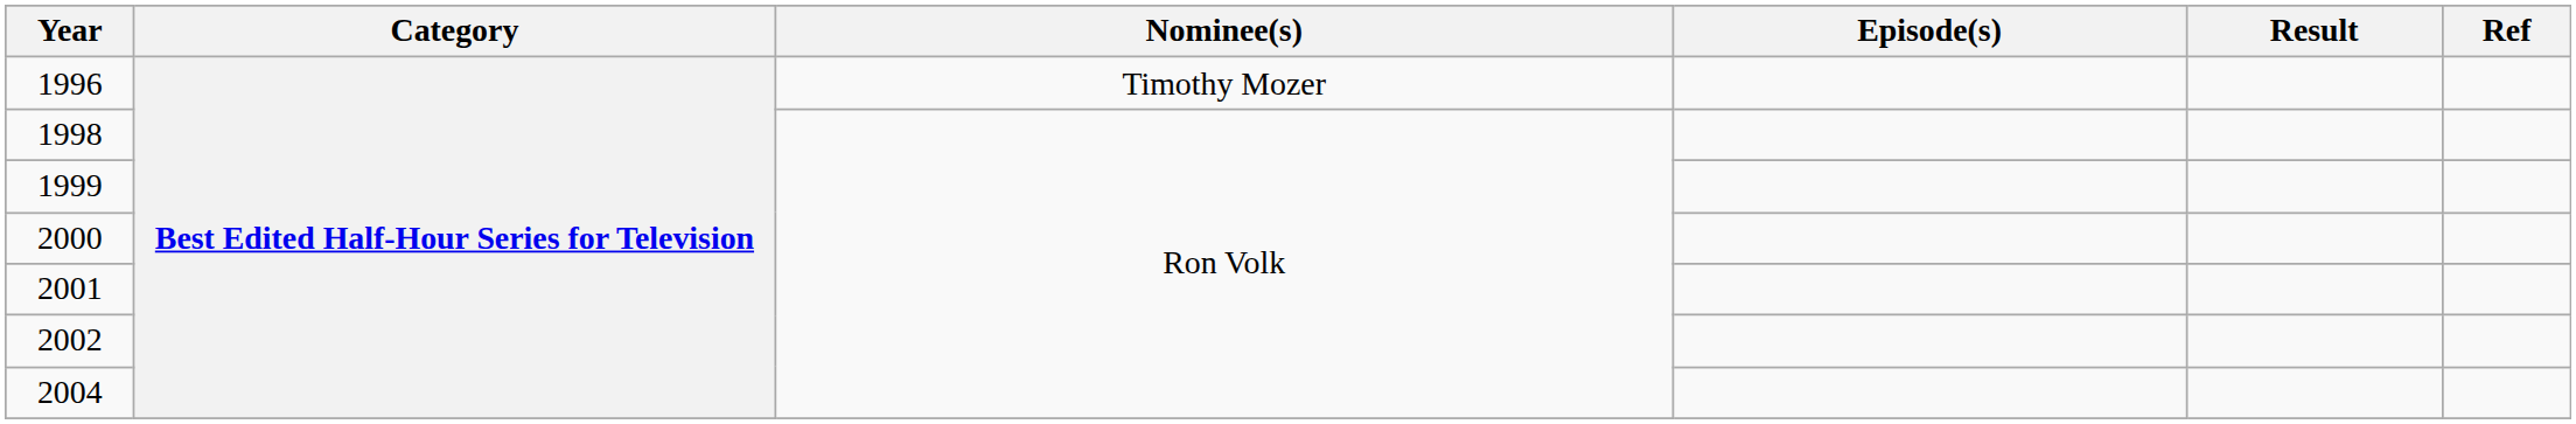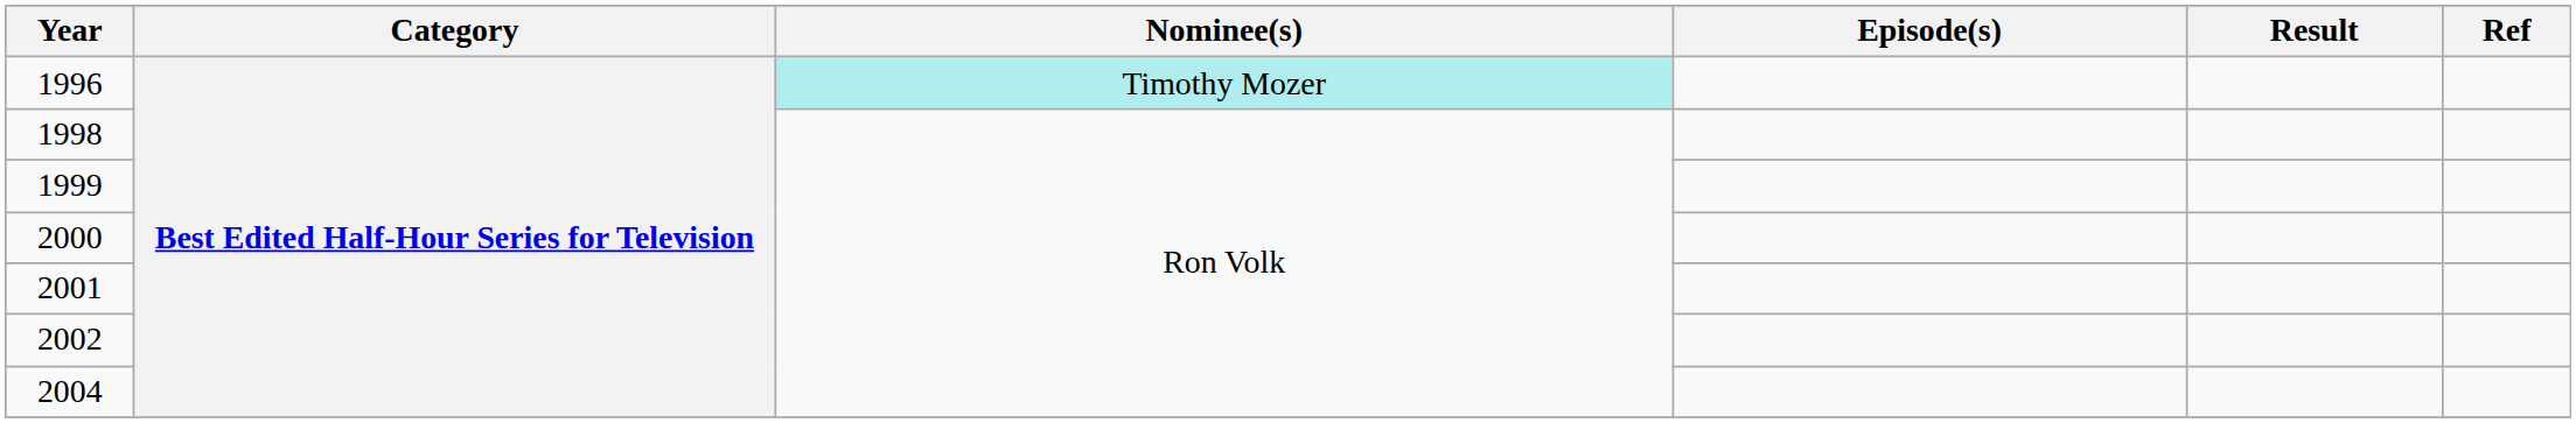 <table class="wikitable plainrowheaders" style="font-size: 100%; text-align:center" width=100%>
 <tr>
 <th scope="col" width="5%">Year</th>
 <th scope="col" width="25%">Category</th>
 <th scope="col" width="35%">Nominee(s)</th>
 <th scope="col" width="20%">Episode(s)</th>
 <th scope="col" width="10%">Result</th>
 <th scope="col" width="5%">Ref</th>
 </tr>
 <tr>
 <td>1996</td>
 <th scope="row" style="text-align:center" rowspan="7"><a href='#'>Best Edited Half-Hour Series for Television</a></th>
-<td>Timothy Mozer</td>
+<td style="background: paleturquoise;">Timothy Mozer</td>
 <td></td>
 <td></td>
 <td></td>
 </tr>
 <tr>
 <td>1998</td>
 <td rowspan="6">Ron Volk</td>
 <td></td>
 <td></td>
 <td></td>
 </tr>
 <tr>
 <td>1999</td>
 <td></td>
 <td></td>
 <td></td>
 </tr>
 <tr>
 <td>2000</td>
 <td></td>
 <td></td>
 <td></td>
 </tr>
 <tr>
 <td>2001</td>
 <td></td>
 <td></td>
 <td></td>
 </tr>
 <tr>
 <td>2002</td>
 <td></td>
 <td></td>
 <td></td>
 </tr>
 <tr>
 <td>2004</td>
 <td></td>
 <td></td>
 <td></td>
 </tr>
 </table>
